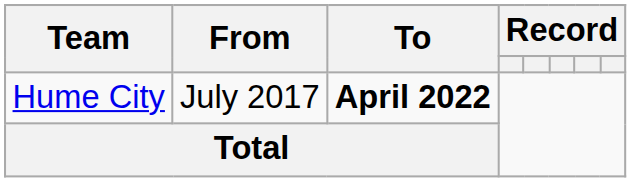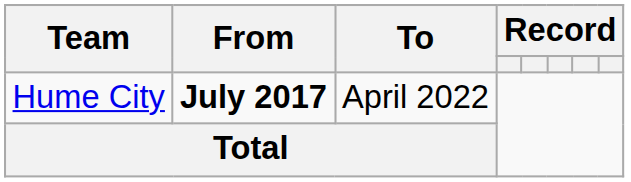 <table class=wikitable style=text-align:center>
 <tr>
 <th rowspan=2>Team</th>
 <th rowspan=2>From</th>
 <th rowspan=2>To</th>
 <th colspan=5>Record</th>
 </tr>
 <tr>
 <th></th>
 <th></th>
 <th></th>
 <th></th>
 <th></th>
 </tr>
 <tr>
 <td align=left><a href='#'>Hume City</a></td>
-<td align=left>July 2017</td>
-<td align=left><strong>April 2022<br></strong></td>
+<td align=left><strong>July 2017</strong></td>
+<td align=left>April 2022<br></td>
 </tr>
 <tr>
 <th colspan=3>Total<br></th>
 </tr>
 </table>
